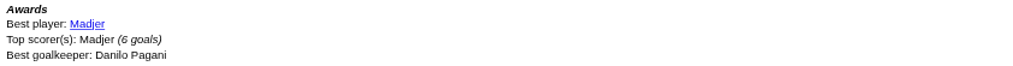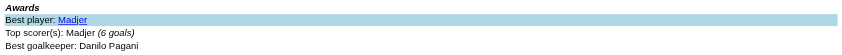 <table width=100% cellspacing=1 style="font-size: 90%;">
 <tr>
 <td><strong><em>Awards</em></strong></td>
 </tr>
 <tr>
-<td>Best player:  <a href='#'>Madjer</a></td>
+<td style="background: lightblue;">Best player:  <a href='#'>Madjer</a></td>
 </tr>
 <tr>
 <td colspan=4>Top scorer(s):  Madjer <em>(6 goals)</em></td>
 </tr>
 <tr>
 <td>Best goalkeeper:  Danilo Pagani</td>
 </tr>
 </table>
